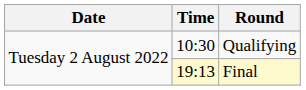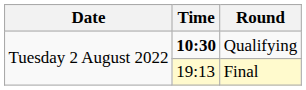 <table class="wikitable">
 <tr>
 <th>Date</th>
 <th>Time</th>
 <th>Round</th>
 </tr>
 <tr>
 <td rowspan=2>Tuesday 2 August 2022</td>
-<td>10:30</td>
+<td><strong>10:30</strong></td>
 <td>Qualifying</td>
 </tr>
 <tr>
 <td style=background:lemonchiffon>19:13</td>
 <td style=background:lemonchiffon>Final</td>
 </tr>
 </table>
